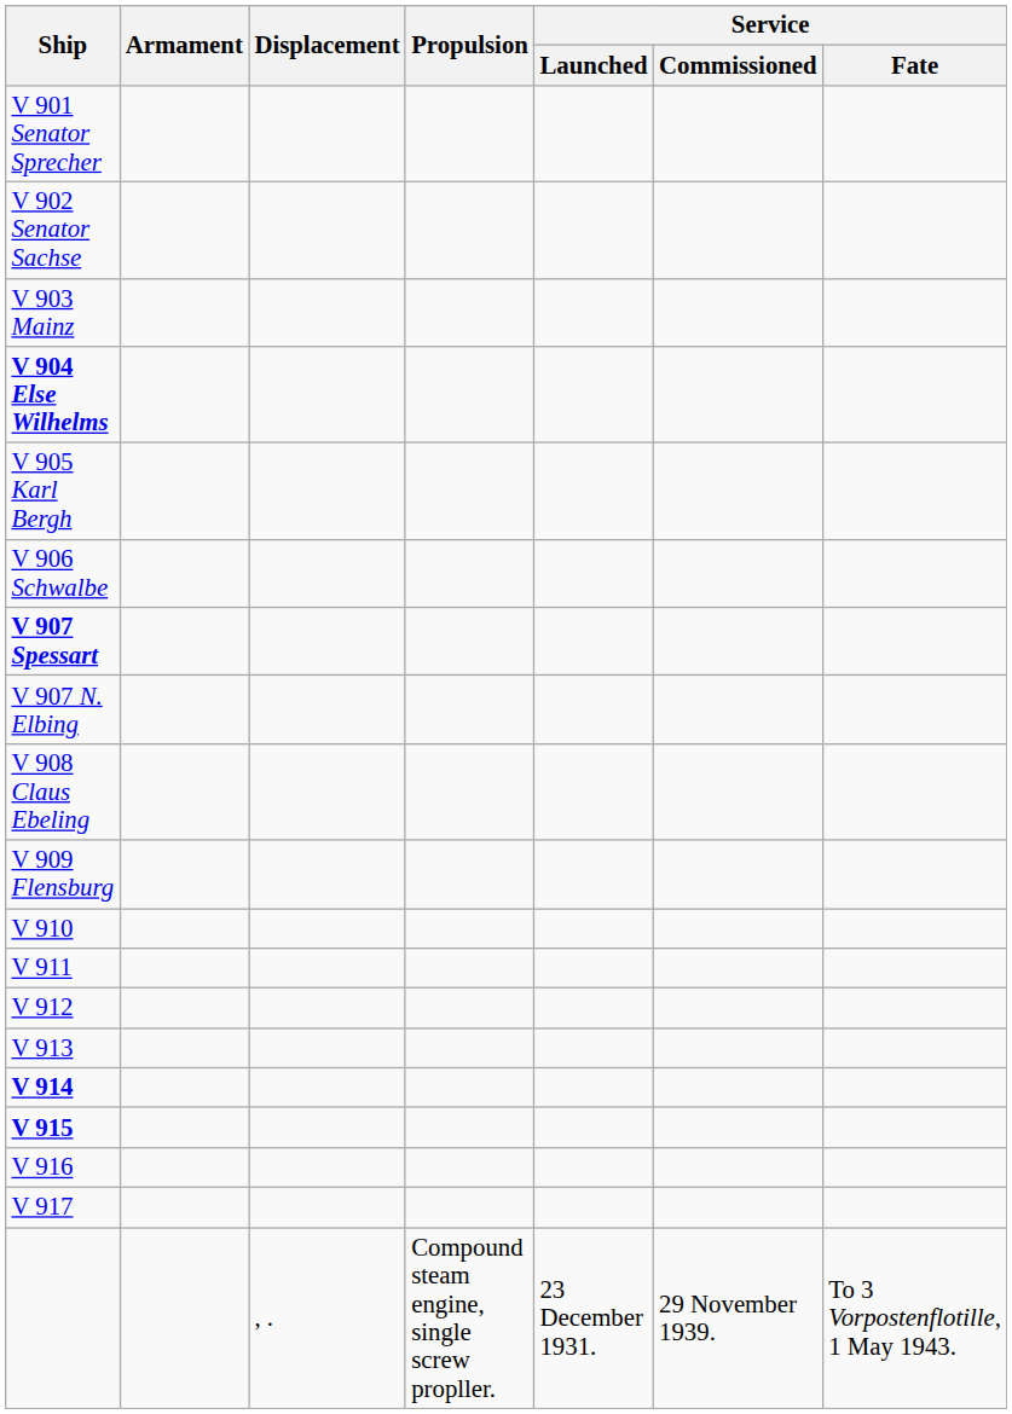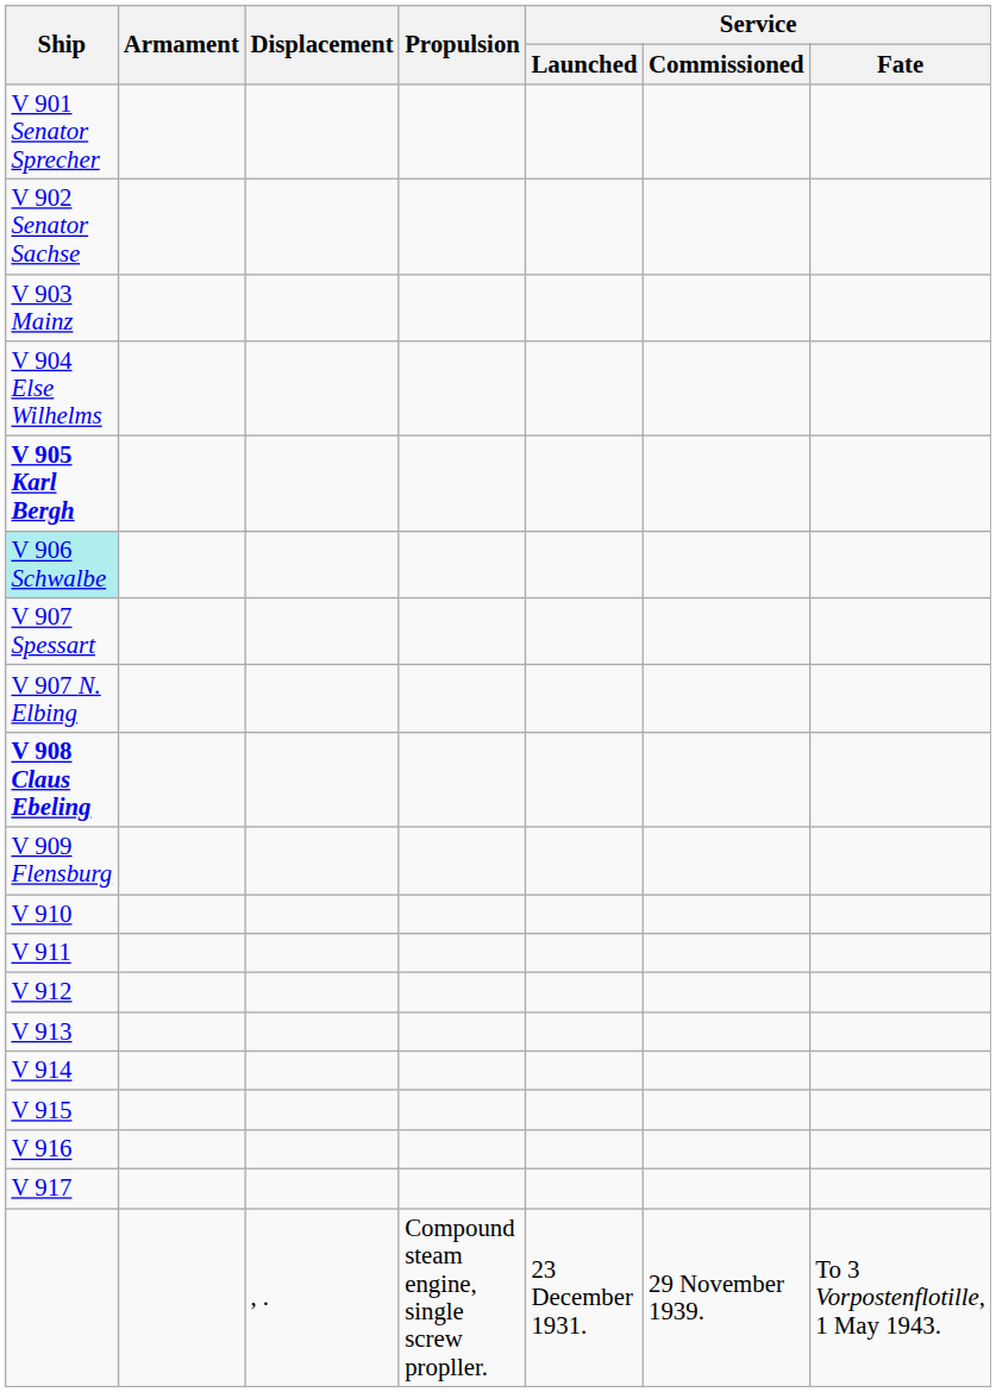 <table class="wikitable">
 <tr>
 <th rowspan="2">Ship</th>
 <th rowspan="2">Armament</th>
 <th rowspan="2">Displacement</th>
 <th rowspan="2">Propulsion</th>
 <th colspan="3">Service</th>
 </tr>
 <tr>
 <th>Launched</th>
 <th>Commissioned</th>
 <th>Fate</th>
 </tr>
 <tr>
 <td><a href='#'>V 901 <em>Senator Sprecher</em></a></td>
 <td></td>
 <td></td>
 <td></td>
 <td></td>
 <td></td>
 <td></td>
 </tr>
 <tr>
 <td><a href='#'>V 902 <em>Senator Sachse</em></a></td>
 <td></td>
 <td></td>
 <td></td>
 <td></td>
 <td></td>
 <td></td>
 </tr>
 <tr>
 <td><a href='#'>V 903 <em>Mainz</em></a></td>
 <td></td>
 <td></td>
 <td></td>
 <td></td>
 <td></td>
 <td></td>
 </tr>
 <tr>
-<td><strong><a href='#'>V 904 <em>Else Wilhelms</em></a></strong></td>
+<td><a href='#'>V 904 <em>Else Wilhelms</em></a></td>
 <td></td>
 <td></td>
 <td></td>
 <td></td>
 <td></td>
 <td></td>
 </tr>
 <tr>
-<td><a href='#'>V 905 <em>Karl Bergh</em></a></td>
+<td><strong><a href='#'>V 905 <em>Karl Bergh</em></a></strong></td>
 <td></td>
 <td></td>
 <td></td>
 <td></td>
 <td></td>
 <td></td>
 </tr>
 <tr>
-<td><a href='#'>V 906 <em>Schwalbe</em></a></td>
+<td style="background: paleturquoise;"><a href='#'>V 906 <em>Schwalbe</em></a></td>
 <td></td>
 <td></td>
 <td></td>
 <td></td>
 <td></td>
 <td></td>
 </tr>
 <tr>
-<td><strong><a href='#'>V 907 <em>Spessart</em></a></strong></td>
+<td><a href='#'>V 907 <em>Spessart</em></a></td>
 <td></td>
 <td></td>
 <td></td>
 <td></td>
 <td></td>
 <td></td>
 </tr>
 <tr>
 <td><a href='#'>V 907 <em>N. Elbing</em></a></td>
 <td></td>
 <td></td>
 <td></td>
 <td></td>
 <td></td>
 <td></td>
 </tr>
 <tr>
-<td><a href='#'>V 908 <em>Claus Ebeling</em></a></td>
+<td><strong><a href='#'>V 908 <em>Claus Ebeling</em></a></strong></td>
 <td></td>
 <td></td>
 <td></td>
 <td></td>
 <td></td>
 <td></td>
 </tr>
 <tr>
 <td><a href='#'>V 909 <em>Flensburg</em></a></td>
 <td></td>
 <td></td>
 <td></td>
 <td></td>
 <td></td>
 <td></td>
 </tr>
 <tr>
 <td><a href='#'>V 910</a></td>
 <td></td>
 <td></td>
 <td></td>
 <td></td>
 <td></td>
 <td></td>
 </tr>
 <tr>
 <td><a href='#'>V 911</a></td>
 <td></td>
 <td></td>
 <td></td>
 <td></td>
 <td></td>
 <td></td>
 </tr>
 <tr>
 <td><a href='#'>V 912</a></td>
 <td></td>
 <td></td>
 <td></td>
 <td></td>
 <td></td>
 <td></td>
 </tr>
 <tr>
 <td><a href='#'>V 913</a></td>
 <td></td>
 <td></td>
 <td></td>
 <td></td>
 <td></td>
 <td></td>
 </tr>
 <tr>
-<td><strong><a href='#'>V 914</a></strong></td>
+<td><a href='#'>V 914</a></td>
 <td></td>
 <td></td>
 <td></td>
 <td></td>
 <td></td>
 <td></td>
 </tr>
 <tr>
-<td><strong><a href='#'>V 915</a></strong></td>
+<td><a href='#'>V 915</a></td>
 <td></td>
 <td></td>
 <td></td>
 <td></td>
 <td></td>
 <td></td>
 </tr>
 <tr>
 <td><a href='#'>V 916</a></td>
 <td></td>
 <td></td>
 <td></td>
 <td></td>
 <td></td>
 <td></td>
 </tr>
 <tr>
 <td><a href='#'>V 917</a></td>
 <td></td>
 <td></td>
 <td></td>
 <td></td>
 <td></td>
 <td></td>
 </tr>
 <tr>
 <td></td>
 <td></td>
 <td>, .</td>
 <td>Compound steam engine, single screw propller.</td>
 <td>23 December 1931.</td>
 <td>29 November 1939.</td>
 <td>To 3 <em>Vorpostenflotille</em>, 1 May 1943.</td>
 </tr>
 </table>
